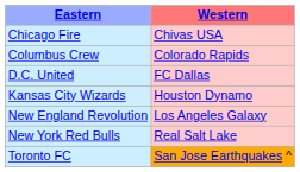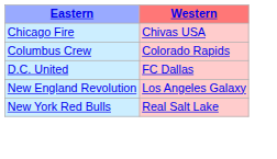 <table class="wikitable">
 <tr>
 <th style="background-color: #9AF;"><a href='#'>Eastern</a></th>
 <th style="background-color: #F77;"><a href='#'>Western</a></th>
 </tr>
 <tr>
 <td style="background-color: #CEF;"><a href='#'>Chicago Fire</a></td>
 <td style="background-color: #FCC;"><a href='#'>Chivas USA</a></td>
 </tr>
 <tr>
 <td style="background-color: #CEF;"><a href='#'>Columbus Crew</a></td>
 <td style="background-color: #FCC;"><a href='#'>Colorado Rapids</a></td>
 </tr>
 <tr>
 <td style="background-color: #CEF;"><a href='#'>D.C. United</a></td>
 <td style="background-color: #FCC;"><a href='#'>FC Dallas</a></td>
 </tr>
 <tr>
-<td style="background-color: #CEF;"><a href='#'>Kansas City Wizards</a></td>
-<td style="background-color: #FCC;"><a href='#'>Houston Dynamo</a></td>
-</tr>
-<tr>
 <td style="background-color: #CEF;"><a href='#'>New England Revolution</a></td>
 <td style="background-color: #FCC;"><a href='#'>Los Angeles Galaxy</a></td>
 </tr>
 <tr>
 <td style="background-color: #CEF;"><a href='#'>New York Red Bulls</a></td>
 <td style="background-color: #FCC;"><a href='#'>Real Salt Lake</a></td>
 </tr>
-<tr>
-<td style="background-color: #CEF;"><a href='#'>Toronto FC</a></td>
-<td style="background-color: #FA0;"><a href='#'>San Jose Earthquakes</a> ^</td>
-</tr>
 </table>
